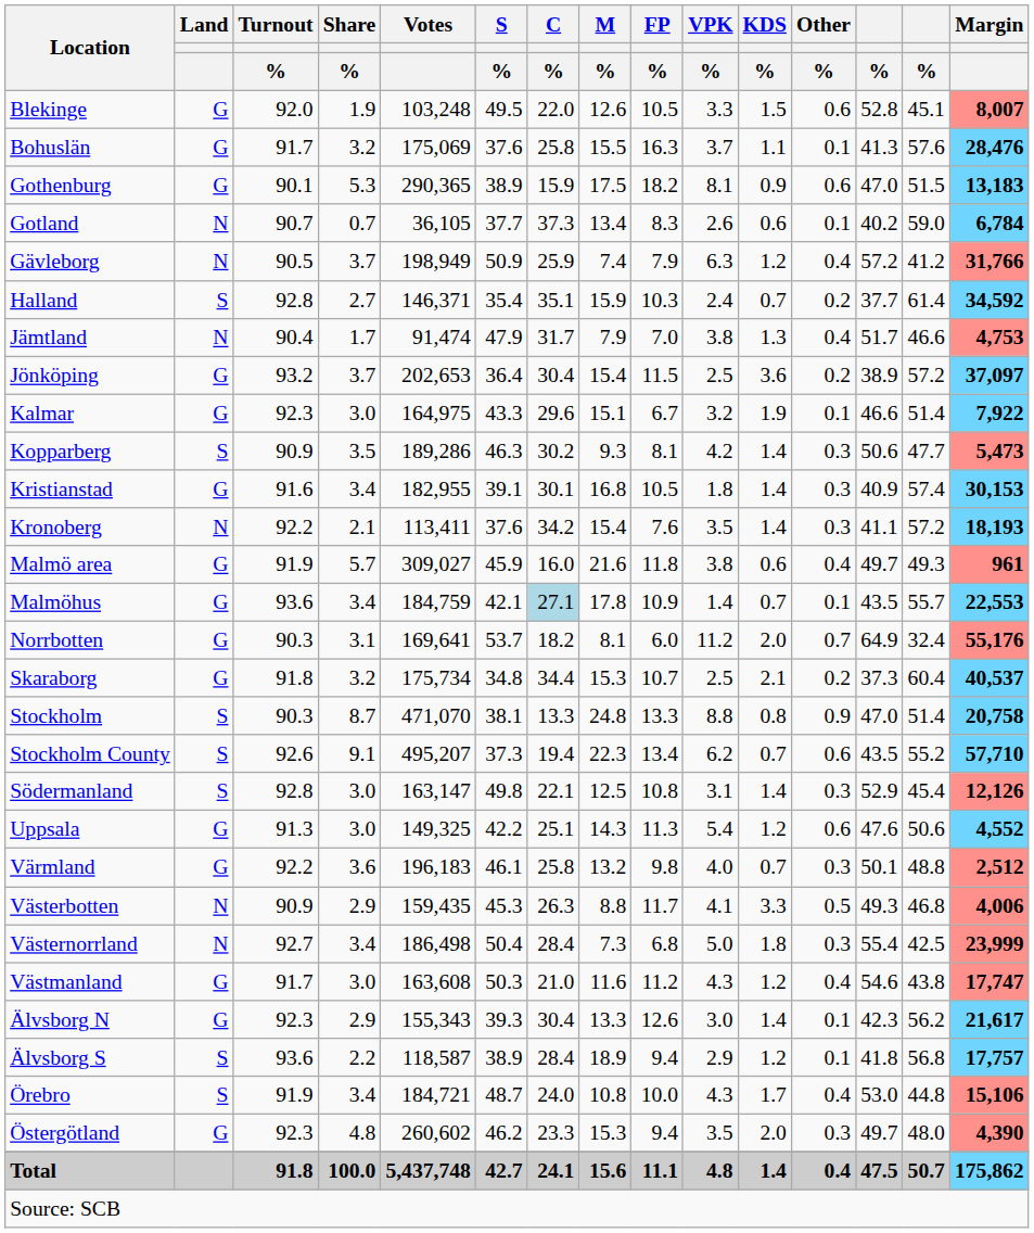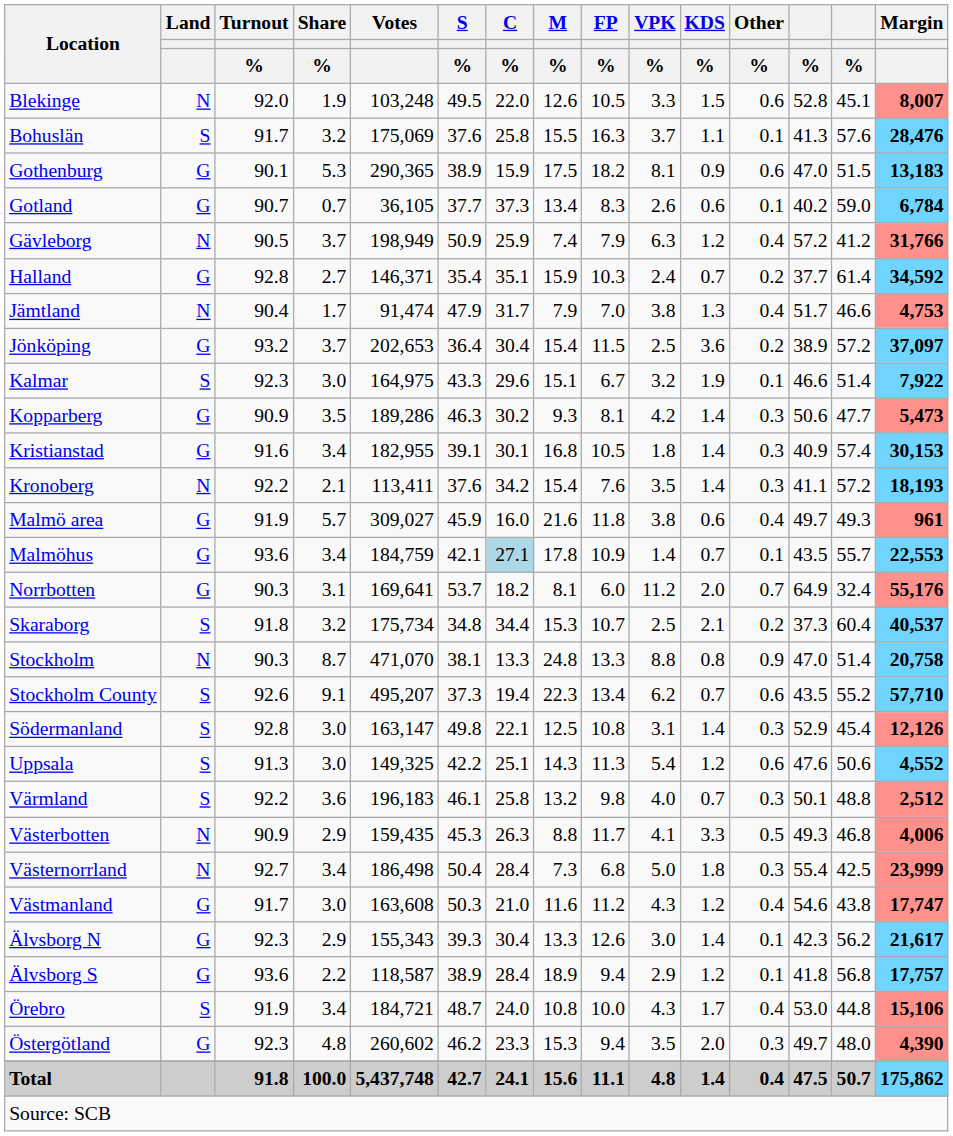 <table class="wikitable sortable" style="text-align:right; font-size:95%; line-height:20px;">
 <tr>
 <th rowspan="3">Location</th>
 <th>Land</th>
 <th>Turnout</th>
 <th>Share</th>
 <th>Votes</th>
 <th width="30px" class="unsortable"><a href='#'>S</a></th>
 <th width="30px" class="unsortable"><a href='#'>C</a></th>
 <th width="30px" class="unsortable"><a href='#'>M</a></th>
 <th width="30px" class="unsortable"><a href='#'>FP</a></th>
 <th width="30px" class="unsortable"><a href='#'>VPK</a></th>
 <th width="30px" class="unsortable"><a href='#'>KDS</a></th>
 <th width="30px" class="unsortable">Other</th>
 <th></th>
 <th></th>
 <th>Margin</th>
 </tr>
 <tr>
 <th></th>
 <th></th>
 <th></th>
 <th></th>
 <th style="background:"></th>
 <th style="background:"></th>
 <th style="background:"></th>
 <th style="background:"></th>
 <th style="background:"></th>
 <th style="background:"></th>
 <th style="background:"></th>
 <th style="background:"></th>
 <th style="background:"></th>
 <th></th>
 </tr>
 <tr>
 <th></th>
 <th data-sort-type="number">%</th>
 <th data-sort-type="number">%</th>
 <th></th>
 <th data-sort-type="number">%</th>
 <th data-sort-type="number">%</th>
 <th data-sort-type="number">%</th>
 <th data-sort-type="number">%</th>
 <th data-sort-type="number">%</th>
 <th data-sort-type="number">%</th>
 <th data-sort-type="number">%</th>
 <th data-sort-type="number">%</th>
 <th data-sort-type="number">%</th>
 <th></th>
 </tr>
 <tr>
 <td align=left><a href='#'>Blekinge</a></td>
-<td><a href='#'>G</a></td>
+<td><a href='#'>N</a></td>
 <td>92.0</td>
 <td>1.9</td>
 <td>103,248</td>
 <td>49.5</td>
 <td>22.0</td>
 <td>12.6</td>
 <td>10.5</td>
 <td>3.3</td>
 <td>1.5</td>
 <td>0.6</td>
 <td>52.8</td>
 <td>45.1</td>
 <td bgcolor=#ff908c><strong>8,007</strong></td>
 </tr>
 <tr>
 <td align=left><a href='#'>Bohuslän</a></td>
-<td><a href='#'>G</a></td>
+<td><a href='#'>S</a></td>
 <td>91.7</td>
 <td>3.2</td>
 <td>175,069</td>
 <td>37.6</td>
 <td>25.8</td>
 <td>15.5</td>
 <td>16.3</td>
 <td>3.7</td>
 <td>1.1</td>
 <td>0.1</td>
 <td>41.3</td>
 <td>57.6</td>
 <td bgcolor=#6fd5fe><strong>28,476</strong></td>
 </tr>
 <tr>
 <td align=left><a href='#'>Gothenburg</a></td>
 <td><a href='#'>G</a></td>
 <td>90.1</td>
 <td>5.3</td>
 <td>290,365</td>
 <td>38.9</td>
 <td>15.9</td>
 <td>17.5</td>
 <td>18.2</td>
 <td>8.1</td>
 <td>0.9</td>
 <td>0.6</td>
 <td>47.0</td>
 <td>51.5</td>
 <td bgcolor=#6fd5fe><strong>13,183</strong></td>
 </tr>
 <tr>
 <td align=left><a href='#'>Gotland</a></td>
-<td><a href='#'>N</a></td>
+<td><a href='#'>G</a></td>
 <td>90.7</td>
 <td>0.7</td>
 <td>36,105</td>
 <td>37.7</td>
 <td>37.3</td>
 <td>13.4</td>
 <td>8.3</td>
 <td>2.6</td>
 <td>0.6</td>
 <td>0.1</td>
 <td>40.2</td>
 <td>59.0</td>
 <td bgcolor=#6fd5fe><strong>6,784</strong></td>
 </tr>
 <tr>
 <td align=left><a href='#'>Gävleborg</a></td>
 <td><a href='#'>N</a></td>
 <td>90.5</td>
 <td>3.7</td>
 <td>198,949</td>
 <td>50.9</td>
 <td>25.9</td>
 <td>7.4</td>
 <td>7.9</td>
 <td>6.3</td>
 <td>1.2</td>
 <td>0.4</td>
 <td>57.2</td>
 <td>41.2</td>
 <td bgcolor=#ff908c><strong>31,766</strong></td>
 </tr>
 <tr>
 <td align=left><a href='#'>Halland</a></td>
-<td><a href='#'>S</a></td>
+<td><a href='#'>G</a></td>
 <td>92.8</td>
 <td>2.7</td>
 <td>146,371</td>
 <td>35.4</td>
 <td>35.1</td>
 <td>15.9</td>
 <td>10.3</td>
 <td>2.4</td>
 <td>0.7</td>
 <td>0.2</td>
 <td>37.7</td>
 <td>61.4</td>
 <td bgcolor=#6fd5fe><strong>34,592</strong></td>
 </tr>
 <tr>
 <td align=left><a href='#'>Jämtland</a></td>
 <td><a href='#'>N</a></td>
 <td>90.4</td>
 <td>1.7</td>
 <td>91,474</td>
 <td>47.9</td>
 <td>31.7</td>
 <td>7.9</td>
 <td>7.0</td>
 <td>3.8</td>
 <td>1.3</td>
 <td>0.4</td>
 <td>51.7</td>
 <td>46.6</td>
 <td bgcolor=#ff908c><strong>4,753</strong></td>
 </tr>
 <tr>
 <td align=left><a href='#'>Jönköping</a></td>
 <td><a href='#'>G</a></td>
 <td>93.2</td>
 <td>3.7</td>
 <td>202,653</td>
 <td>36.4</td>
 <td>30.4</td>
 <td>15.4</td>
 <td>11.5</td>
 <td>2.5</td>
 <td>3.6</td>
 <td>0.2</td>
 <td>38.9</td>
 <td>57.2</td>
 <td bgcolor=#6fd5fe><strong>37,097</strong></td>
 </tr>
 <tr>
 <td align=left><a href='#'>Kalmar</a></td>
-<td><a href='#'>G</a></td>
+<td><a href='#'>S</a></td>
 <td>92.3</td>
 <td>3.0</td>
 <td>164,975</td>
 <td>43.3</td>
 <td>29.6</td>
 <td>15.1</td>
 <td>6.7</td>
 <td>3.2</td>
 <td>1.9</td>
 <td>0.1</td>
 <td>46.6</td>
 <td>51.4</td>
 <td bgcolor=#6fd5fe><strong>7,922</strong></td>
 </tr>
 <tr>
 <td align=left><a href='#'>Kopparberg</a></td>
-<td><a href='#'>S</a></td>
+<td><a href='#'>G</a></td>
 <td>90.9</td>
 <td>3.5</td>
 <td>189,286</td>
 <td>46.3</td>
 <td>30.2</td>
 <td>9.3</td>
 <td>8.1</td>
 <td>4.2</td>
 <td>1.4</td>
 <td>0.3</td>
 <td>50.6</td>
 <td>47.7</td>
 <td bgcolor=#ff908c><strong>5,473</strong></td>
 </tr>
 <tr>
 <td align=left><a href='#'>Kristianstad</a></td>
 <td><a href='#'>G</a></td>
 <td>91.6</td>
 <td>3.4</td>
 <td>182,955</td>
 <td>39.1</td>
 <td>30.1</td>
 <td>16.8</td>
 <td>10.5</td>
 <td>1.8</td>
 <td>1.4</td>
 <td>0.3</td>
 <td>40.9</td>
 <td>57.4</td>
 <td bgcolor=#6fd5fe><strong>30,153</strong></td>
 </tr>
 <tr>
 <td align=left><a href='#'>Kronoberg</a></td>
 <td><a href='#'>N</a></td>
 <td>92.2</td>
 <td>2.1</td>
 <td>113,411</td>
 <td>37.6</td>
 <td>34.2</td>
 <td>15.4</td>
 <td>7.6</td>
 <td>3.5</td>
 <td>1.4</td>
 <td>0.3</td>
 <td>41.1</td>
 <td>57.2</td>
 <td bgcolor=#6fd5fe><strong>18,193</strong></td>
 </tr>
 <tr>
 <td align=left><a href='#'>Malmö area</a></td>
 <td><a href='#'>G</a></td>
 <td>91.9</td>
 <td>5.7</td>
 <td>309,027</td>
 <td>45.9</td>
 <td>16.0</td>
 <td>21.6</td>
 <td>11.8</td>
 <td>3.8</td>
 <td>0.6</td>
 <td>0.4</td>
 <td>49.7</td>
 <td>49.3</td>
 <td bgcolor=#ff908c><strong>961</strong></td>
 </tr>
 <tr>
 <td align=left><a href='#'>Malmöhus</a></td>
 <td><a href='#'>G</a></td>
 <td>93.6</td>
 <td>3.4</td>
 <td>184,759</td>
 <td>42.1</td>
 <td style="background: lightblue;">27.1</td>
 <td>17.8</td>
 <td>10.9</td>
 <td>1.4</td>
 <td>0.7</td>
 <td>0.1</td>
 <td>43.5</td>
 <td>55.7</td>
 <td bgcolor=#6fd5fe><strong>22,553</strong></td>
 </tr>
 <tr>
 <td align=left><a href='#'>Norrbotten</a></td>
 <td><a href='#'>G</a></td>
 <td>90.3</td>
 <td>3.1</td>
 <td>169,641</td>
 <td>53.7</td>
 <td>18.2</td>
 <td>8.1</td>
 <td>6.0</td>
 <td>11.2</td>
 <td>2.0</td>
 <td>0.7</td>
 <td>64.9</td>
 <td>32.4</td>
 <td bgcolor=#ff908c><strong>55,176</strong></td>
 </tr>
 <tr>
 <td align=left><a href='#'>Skaraborg</a></td>
-<td><a href='#'>G</a></td>
+<td><a href='#'>S</a></td>
 <td>91.8</td>
 <td>3.2</td>
 <td>175,734</td>
 <td>34.8</td>
 <td>34.4</td>
 <td>15.3</td>
 <td>10.7</td>
 <td>2.5</td>
 <td>2.1</td>
 <td>0.2</td>
 <td>37.3</td>
 <td>60.4</td>
 <td bgcolor=#6fd5fe><strong>40,537</strong></td>
 </tr>
 <tr>
 <td align=left><a href='#'>Stockholm</a></td>
-<td><a href='#'>S</a></td>
+<td><a href='#'>N</a></td>
 <td>90.3</td>
 <td>8.7</td>
 <td>471,070</td>
 <td>38.1</td>
 <td>13.3</td>
 <td>24.8</td>
 <td>13.3</td>
 <td>8.8</td>
 <td>0.8</td>
 <td>0.9</td>
 <td>47.0</td>
 <td>51.4</td>
 <td bgcolor=#6fd5fe><strong>20,758</strong></td>
 </tr>
 <tr>
 <td align=left><a href='#'>Stockholm County</a></td>
 <td><a href='#'>S</a></td>
 <td>92.6</td>
 <td>9.1</td>
 <td>495,207</td>
 <td>37.3</td>
 <td>19.4</td>
 <td>22.3</td>
 <td>13.4</td>
 <td>6.2</td>
 <td>0.7</td>
 <td>0.6</td>
 <td>43.5</td>
 <td>55.2</td>
 <td bgcolor=#6fd5fe><strong>57,710</strong></td>
 </tr>
 <tr>
 <td align=left><a href='#'>Södermanland</a></td>
 <td><a href='#'>S</a></td>
 <td>92.8</td>
 <td>3.0</td>
 <td>163,147</td>
 <td>49.8</td>
 <td>22.1</td>
 <td>12.5</td>
 <td>10.8</td>
 <td>3.1</td>
 <td>1.4</td>
 <td>0.3</td>
 <td>52.9</td>
 <td>45.4</td>
 <td bgcolor=#ff908c><strong>12,126</strong></td>
 </tr>
 <tr>
 <td align=left><a href='#'>Uppsala</a></td>
-<td><a href='#'>G</a></td>
+<td><a href='#'>S</a></td>
 <td>91.3</td>
 <td>3.0</td>
 <td>149,325</td>
 <td>42.2</td>
 <td>25.1</td>
 <td>14.3</td>
 <td>11.3</td>
 <td>5.4</td>
 <td>1.2</td>
 <td>0.6</td>
 <td>47.6</td>
 <td>50.6</td>
 <td bgcolor=#6fd5fe><strong>4,552</strong></td>
 </tr>
 <tr>
 <td align=left><a href='#'>Värmland</a></td>
-<td><a href='#'>G</a></td>
+<td><a href='#'>S</a></td>
 <td>92.2</td>
 <td>3.6</td>
 <td>196,183</td>
 <td>46.1</td>
 <td>25.8</td>
 <td>13.2</td>
 <td>9.8</td>
 <td>4.0</td>
 <td>0.7</td>
 <td>0.3</td>
 <td>50.1</td>
 <td>48.8</td>
 <td bgcolor=#ff908c><strong>2,512</strong></td>
 </tr>
 <tr>
 <td align=left><a href='#'>Västerbotten</a></td>
 <td><a href='#'>N</a></td>
 <td>90.9</td>
 <td>2.9</td>
 <td>159,435</td>
 <td>45.3</td>
 <td>26.3</td>
 <td>8.8</td>
 <td>11.7</td>
 <td>4.1</td>
 <td>3.3</td>
 <td>0.5</td>
 <td>49.3</td>
 <td>46.8</td>
 <td bgcolor=#ff908c><strong>4,006</strong></td>
 </tr>
 <tr>
 <td align=left><a href='#'>Västernorrland</a></td>
 <td><a href='#'>N</a></td>
 <td>92.7</td>
 <td>3.4</td>
 <td>186,498</td>
 <td>50.4</td>
 <td>28.4</td>
 <td>7.3</td>
 <td>6.8</td>
 <td>5.0</td>
 <td>1.8</td>
 <td>0.3</td>
 <td>55.4</td>
 <td>42.5</td>
 <td bgcolor=#ff908c><strong>23,999</strong></td>
 </tr>
 <tr>
 <td align=left><a href='#'>Västmanland</a></td>
 <td><a href='#'>G</a></td>
 <td>91.7</td>
 <td>3.0</td>
 <td>163,608</td>
 <td>50.3</td>
 <td>21.0</td>
 <td>11.6</td>
 <td>11.2</td>
 <td>4.3</td>
 <td>1.2</td>
 <td>0.4</td>
 <td>54.6</td>
 <td>43.8</td>
 <td bgcolor=#ff908c><strong>17,747</strong></td>
 </tr>
 <tr>
 <td align=left><a href='#'>Älvsborg N</a></td>
 <td><a href='#'>G</a></td>
 <td>92.3</td>
 <td>2.9</td>
 <td>155,343</td>
 <td>39.3</td>
 <td>30.4</td>
 <td>13.3</td>
 <td>12.6</td>
 <td>3.0</td>
 <td>1.4</td>
 <td>0.1</td>
 <td>42.3</td>
 <td>56.2</td>
 <td bgcolor=#6fd5fe><strong>21,617</strong></td>
 </tr>
 <tr>
 <td align=left><a href='#'>Älvsborg S</a></td>
-<td><a href='#'>S</a></td>
+<td><a href='#'>G</a></td>
 <td>93.6</td>
 <td>2.2</td>
 <td>118,587</td>
 <td>38.9</td>
 <td>28.4</td>
 <td>18.9</td>
 <td>9.4</td>
 <td>2.9</td>
 <td>1.2</td>
 <td>0.1</td>
 <td>41.8</td>
 <td>56.8</td>
 <td bgcolor=#6fd5fe><strong>17,757</strong></td>
 </tr>
 <tr>
 <td align=left><a href='#'>Örebro</a></td>
 <td><a href='#'>S</a></td>
 <td>91.9</td>
 <td>3.4</td>
 <td>184,721</td>
 <td>48.7</td>
 <td>24.0</td>
 <td>10.8</td>
 <td>10.0</td>
 <td>4.3</td>
 <td>1.7</td>
 <td>0.4</td>
 <td>53.0</td>
 <td>44.8</td>
 <td bgcolor=#ff908c><strong>15,106</strong></td>
 </tr>
 <tr>
 <td align=left><a href='#'>Östergötland</a></td>
 <td><a href='#'>G</a></td>
 <td>92.3</td>
 <td>4.8</td>
 <td>260,602</td>
 <td>46.2</td>
 <td>23.3</td>
 <td>15.3</td>
 <td>9.4</td>
 <td>3.5</td>
 <td>2.0</td>
 <td>0.3</td>
 <td>49.7</td>
 <td>48.0</td>
 <td bgcolor=#ff908c><strong>4,390</strong></td>
 </tr>
 <tr>
 </tr>
 <tr style="background:#CDCDCD;">
 <td align=left><strong>Total</strong></td>
 <td></td>
 <td><strong>91.8</strong></td>
 <td><strong>100.0</strong></td>
 <td><strong>5,437,748</strong></td>
 <td><strong>42.7</strong></td>
 <td><strong>24.1</strong></td>
 <td><strong>15.6</strong></td>
 <td><strong>11.1</strong></td>
 <td><strong>4.8</strong></td>
 <td><strong>1.4</strong></td>
 <td><strong>0.4</strong></td>
 <td><strong>47.5</strong></td>
 <td><strong>50.7</strong></td>
 <td bgcolor=#6fd5fe><strong>175,862</strong></td>
 </tr>
 <tr>
 <td align=left colspan=15>Source: SCB </td>
 </tr>
 </table>
